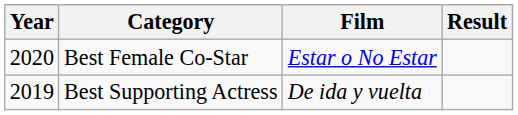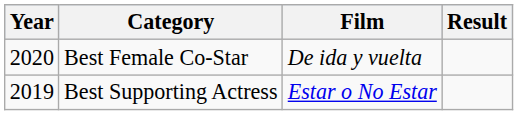 <table class="wikitable">
 <tr style="background:#b0c4de;">
 <th>Year</th>
 <th>Category</th>
 <th>Film</th>
 <th>Result</th>
 </tr>
 <tr>
 <td>2020</td>
 <td>Best Female Co-Star</td>
-<td><em><a href='#'>Estar o No Estar</a></em></td>
+<td><em>De ida y vuelta </em></td>
 <td></td>
 </tr>
 <tr>
 <td>2019</td>
 <td>Best Supporting Actress</td>
-<td><em>De ida y vuelta </em></td>
+<td><em><a href='#'>Estar o No Estar</a></em></td>
 <td></td>
 </tr>
 </table>
